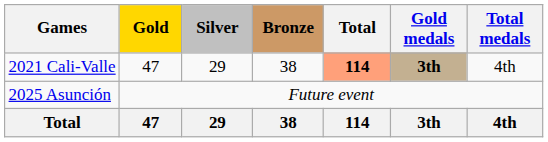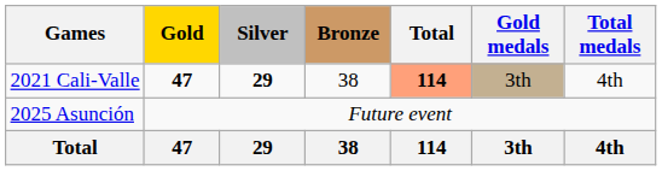 <table class="wikitable" style="text-align:center; font-size:90%;">
 <tr>
 <th>Games</th>
 <td style="background:gold; width:3.2em; font-weight:bold;">Gold</td>
 <td style="background:silver; width:3.7em; font-weight:bold;">Silver</td>
 <td style="background:#c96; width:3.7em; font-weight:bold;">Bronze</td>
 <th style="width:3.5em; font-weight:bold;">Total</th>
 <th style="width:4em; font-weight:bold;"><a href='#'>Gold medals</a></th>
 <th style="width:4em; font-weight:bold;"><a href='#'>Total medals</a></th>
 </tr>
 <tr>
 <td align=left> <a href='#'>2021 Cali-Valle</a></td>
-<td>47</td>
-<td>29</td>
+<td><strong>47</strong></td>
+<td><strong>29</strong></td>
 <td>38</td>
 <td style="background: lightsalmon;"><strong>114</strong></td>
-<td style="background:#C3B091;"><strong>3th</strong></td>
+<td style="background:#C3B091;">3th</td>
 <td>4th</td>
 </tr>
 <tr>
 <td align=left> <a href='#'>2025 Asunción</a></td>
 <td colspan="6"><em>Future event</em></td>
 </tr>
 <tr>
 <th>Total</th>
 <th>47</th>
 <th>29</th>
 <th>38</th>
 <th>114</th>
 <th>3th</th>
 <th>4th</th>
 </tr>
 </table>
